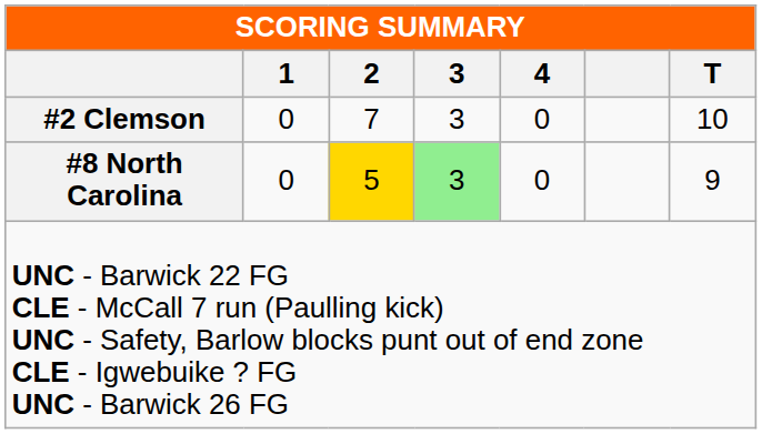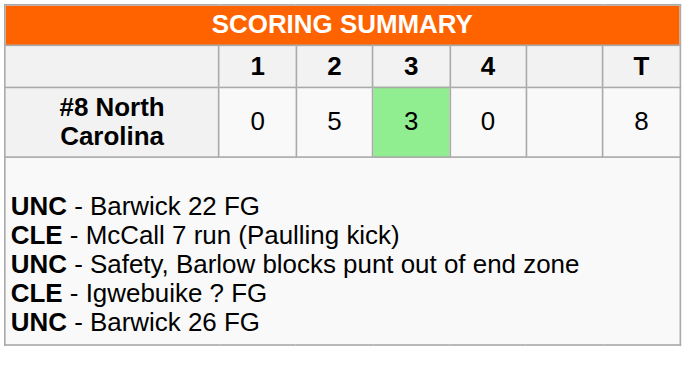 <table class="wikitable" style="text-align:center">
 <tr style="background:#FF6300; color:white">
 <td colspan="7" align="center"><strong>SCORING SUMMARY</strong></td>
 </tr>
 <tr>
 <th width="125"> </th>
 <th width="40">1</th>
 <th width="40">2</th>
 <th width="40">3</th>
 <th width="40">4</th>
 <th width="40"> </th>
 <th width="40">T</th>
 </tr>
 <tr>
-<th>#2 Clemson</th>
-<td>0</td>
-<td>7</td>
-<td>3</td>
-<td>0</td>
-<td></td>
-<td>10</td>
-</tr>
-<tr>
 <th>#8 North Carolina</th>
 <td>0</td>
-<td style="background: gold;">5</td>
+<td>5</td>
 <td style="background: lightgreen;">3</td>
 <td>0</td>
 <td></td>
-<td>9</td>
+<td>8</td>
 </tr>
 <tr>
 <td colspan="7" align="left"><br><strong>UNC</strong> - Barwick 22 FG<br> <strong>CLE</strong> - McCall 7 run (Paulling kick)<br> <strong>UNC</strong> - Safety, Barlow blocks punt out of end zone<br> <strong>CLE</strong> - Igwebuike ? FG<br> <strong>UNC</strong> - Barwick 26 FG</td>
 </tr>
 </table>
